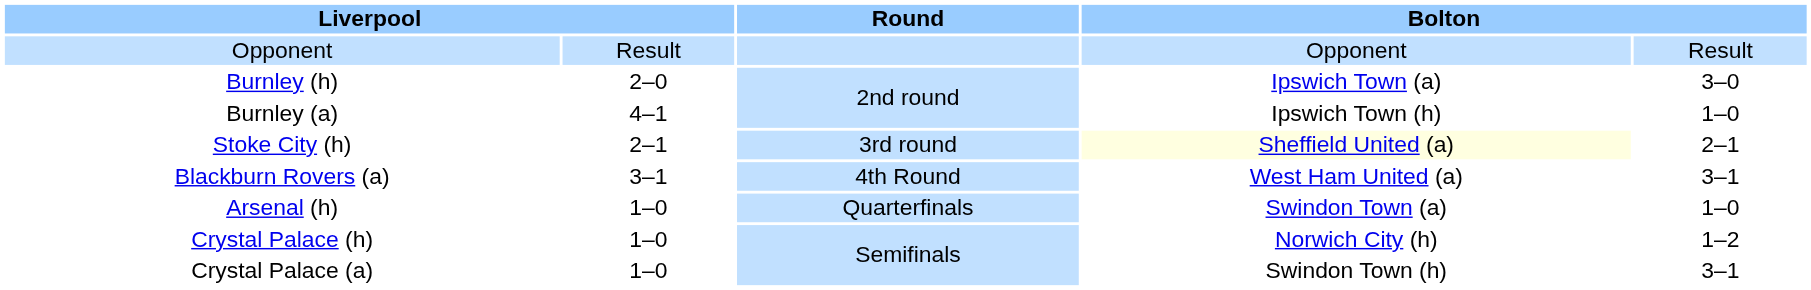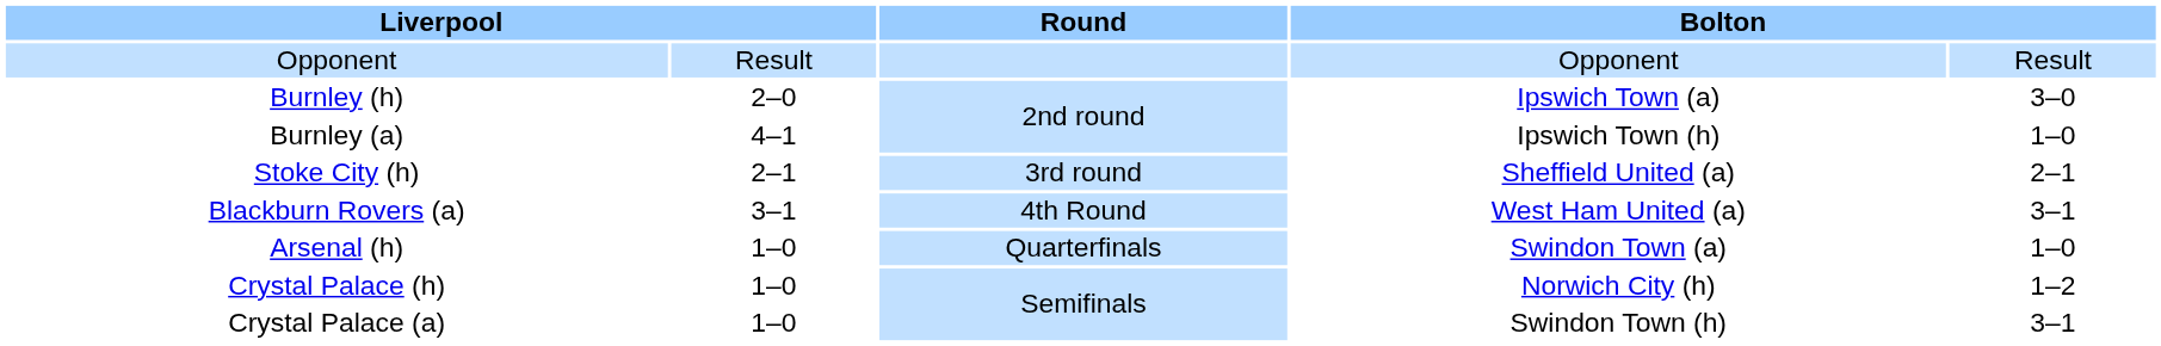 <table style="width:100%;text-align:center">
 <tr style="vertical-align:top;background:#9cf">
 <th colspan=2 style="width:1*">Liverpool</th>
 <th>Round</th>
 <th colspan=2 style="width:1*">Bolton</th>
 </tr>
 <tr style="vertical-align:top;background:#c1e0ff">
 <td>Opponent</td>
 <td>Result</td>
 <td></td>
 <td>Opponent</td>
 <td>Result</td>
 </tr>
 <tr>
 <td><a href='#'>Burnley</a> (h)</td>
 <td>2–0</td>
 <td rowspan="2" style="background:#c1e0ff">2nd round</td>
 <td><a href='#'>Ipswich Town</a> (a)</td>
 <td>3–0</td>
 </tr>
 <tr>
 <td>Burnley (a)</td>
 <td>4–1</td>
 <td>Ipswich Town (h)</td>
 <td>1–0</td>
 </tr>
 <tr>
 <td><a href='#'>Stoke City</a> (h)</td>
 <td>2–1</td>
 <td style="background:#c1e0ff">3rd round</td>
-<td style="background: lightyellow;"><a href='#'>Sheffield United</a> (a)</td>
+<td><a href='#'>Sheffield United</a> (a)</td>
 <td>2–1</td>
 </tr>
 <tr>
 <td><a href='#'>Blackburn Rovers</a> (a)</td>
 <td>3–1</td>
 <td style="background:#c1e0ff">4th Round</td>
 <td><a href='#'>West Ham United</a> (a)</td>
 <td>3–1</td>
 </tr>
 <tr>
 <td><a href='#'>Arsenal</a> (h)</td>
 <td>1–0</td>
 <td style="background:#c1e0ff">Quarterfinals</td>
 <td><a href='#'>Swindon Town</a> (a)</td>
 <td>1–0</td>
 </tr>
 <tr>
 <td><a href='#'>Crystal Palace</a> (h)</td>
 <td>1–0</td>
 <td rowspan="2" style="background:#c1e0ff">Semifinals</td>
 <td><a href='#'>Norwich City</a> (h)</td>
 <td>1–2</td>
 </tr>
 <tr>
 <td>Crystal Palace (a)</td>
 <td>1–0</td>
 <td>Swindon Town (h)</td>
 <td>3–1</td>
 </tr>
 </table>
